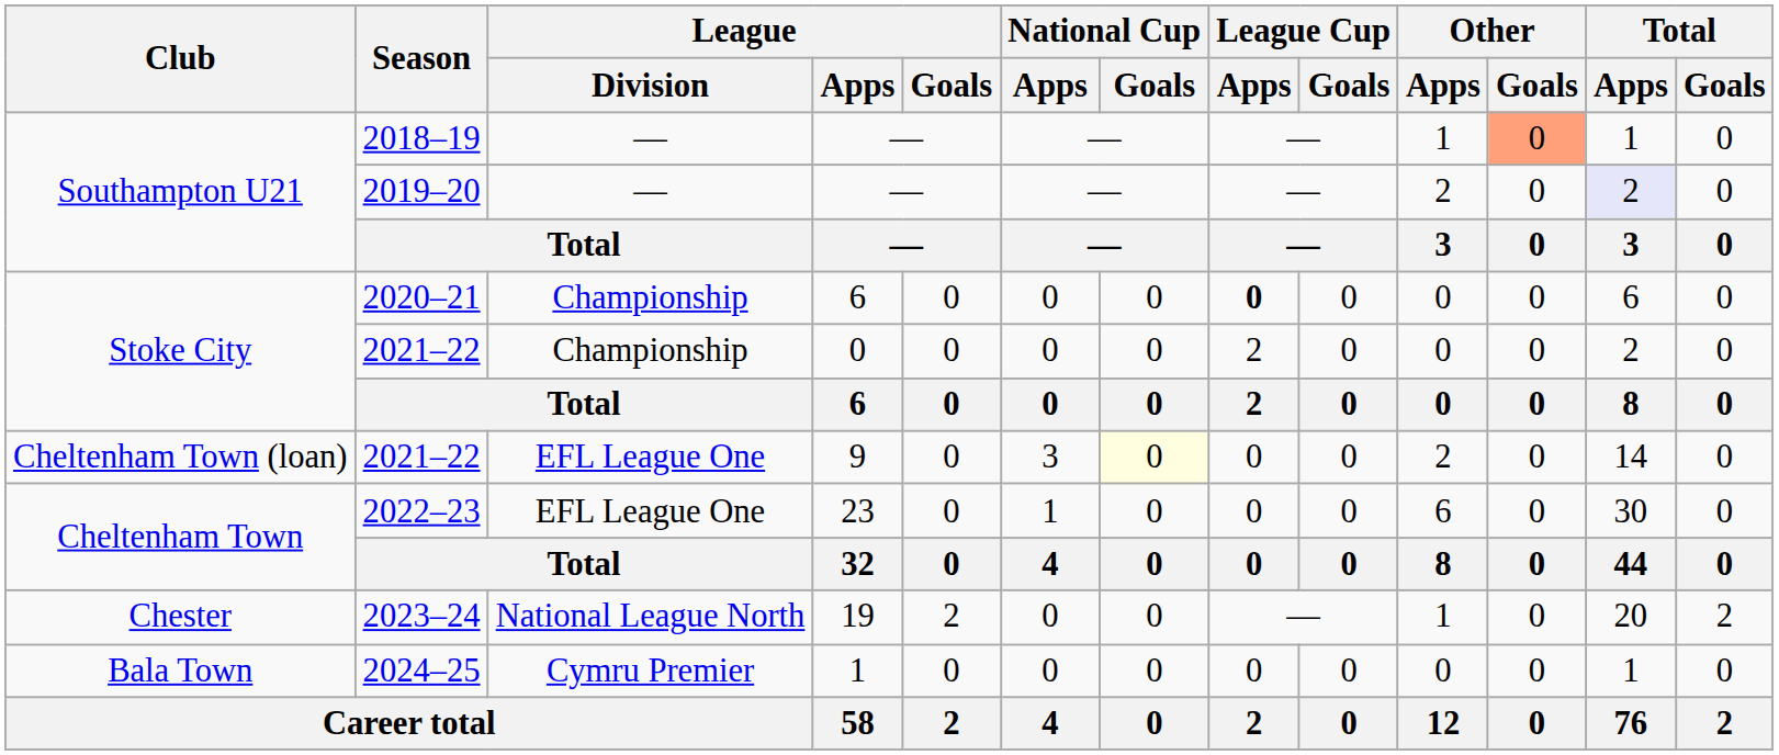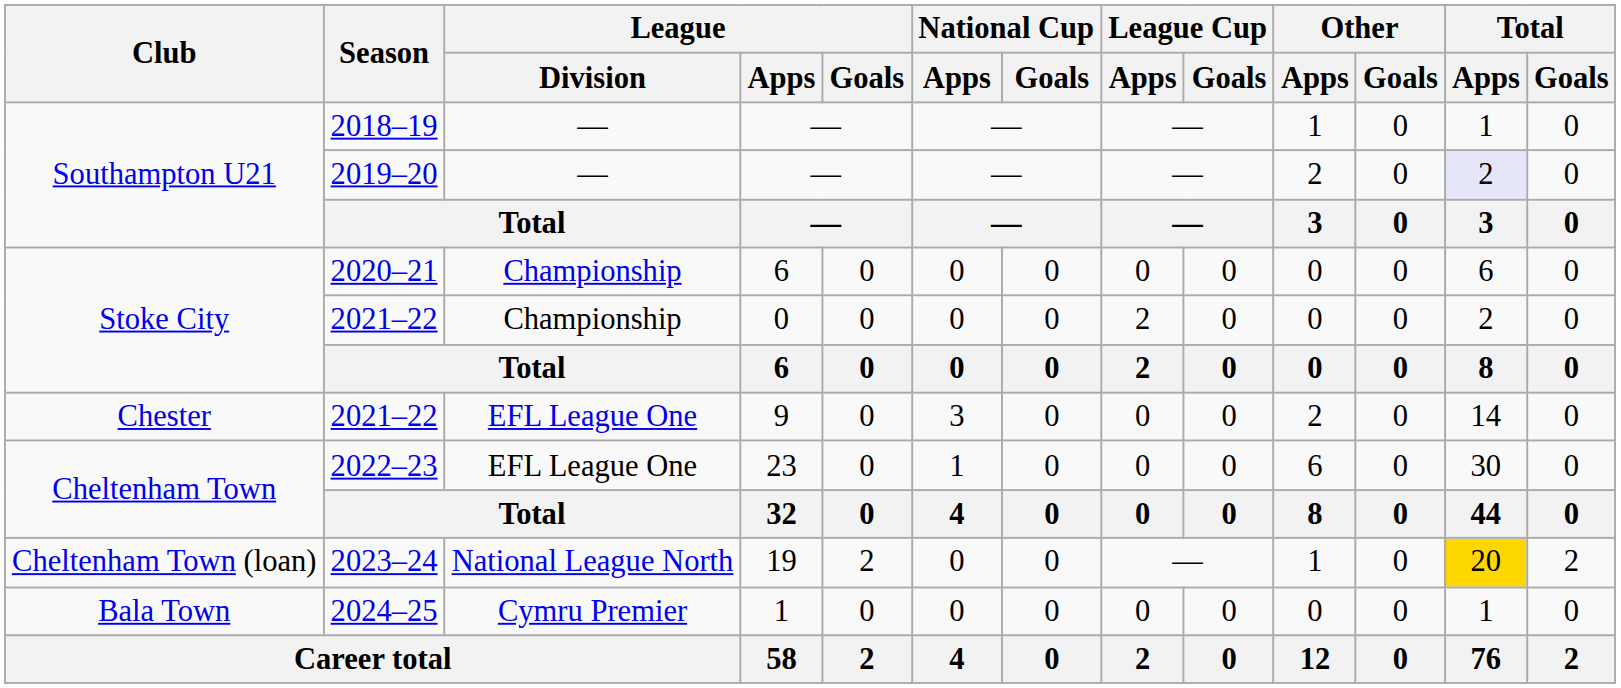 <table class="wikitable" style="text-align: center;">
 <tr>
 <th rowspan="2">Club</th>
 <th rowspan="2">Season</th>
 <th colspan="3">League</th>
 <th colspan="2">National Cup</th>
 <th colspan="2">League Cup</th>
 <th colspan="2">Other</th>
 <th colspan="2">Total</th>
 </tr>
 <tr>
 <th>Division</th>
 <th>Apps</th>
 <th>Goals</th>
 <th>Apps</th>
 <th>Goals</th>
 <th>Apps</th>
 <th>Goals</th>
 <th>Apps</th>
 <th>Goals</th>
 <th>Apps</th>
 <th>Goals</th>
 </tr>
 <tr>
 <td rowspan=3><a href='#'>Southampton U21</a></td>
 <td><a href='#'>2018–19</a></td>
 <td colspan=1>—</td>
 <td colspan=2>—</td>
 <td colspan=2>—</td>
 <td colspan=2>—</td>
 <td>1</td>
-<td style="background: lightsalmon;">0</td>
+<td>0</td>
 <td>1</td>
 <td>0</td>
 </tr>
 <tr>
 <td><a href='#'>2019–20</a></td>
 <td colspan=1>—</td>
 <td colspan=2>—</td>
 <td colspan=2>—</td>
 <td colspan=2>—</td>
 <td>2</td>
 <td>0</td>
 <td style="background: lavender;">2</td>
 <td>0</td>
 </tr>
 <tr>
 <th colspan=2>Total</th>
 <th colspan=2>—</th>
 <th colspan=2>—</th>
 <th colspan=2>—</th>
 <th>3</th>
 <th>0</th>
 <th>3</th>
 <th>0</th>
 </tr>
 <tr>
 <td rowspan=3><a href='#'>Stoke City</a></td>
 <td><a href='#'>2020–21</a></td>
 <td><a href='#'>Championship</a></td>
 <td>6</td>
 <td>0</td>
 <td>0</td>
 <td>0</td>
-<td><strong>0</strong></td>
+<td>0</td>
 <td>0</td>
 <td>0</td>
 <td>0</td>
 <td>6</td>
 <td>0</td>
 </tr>
 <tr>
 <td><a href='#'>2021–22</a></td>
 <td>Championship</td>
 <td>0</td>
 <td>0</td>
 <td>0</td>
 <td>0</td>
 <td>2</td>
 <td>0</td>
 <td>0</td>
 <td>0</td>
 <td>2</td>
 <td>0</td>
 </tr>
 <tr>
 <th colspan=2>Total</th>
 <th>6</th>
 <th>0</th>
 <th>0</th>
 <th>0</th>
 <th>2</th>
 <th>0</th>
 <th>0</th>
 <th>0</th>
 <th>8</th>
 <th>0</th>
 </tr>
 <tr>
-<td><a href='#'>Cheltenham Town</a> (loan)</td>
+<td><a href='#'>Chester</a></td>
 <td><a href='#'>2021–22</a></td>
 <td><a href='#'>EFL League One</a></td>
 <td>9</td>
 <td>0</td>
 <td>3</td>
-<td style="background: lightyellow;">0</td>
+<td>0</td>
 <td>0</td>
 <td>0</td>
 <td>2</td>
 <td>0</td>
 <td>14</td>
 <td>0</td>
 </tr>
 <tr>
 <td rowspan=2><a href='#'>Cheltenham Town</a></td>
 <td><a href='#'>2022–23</a></td>
 <td>EFL League One</td>
 <td>23</td>
 <td>0</td>
 <td>1</td>
 <td>0</td>
 <td>0</td>
 <td>0</td>
 <td>6</td>
 <td>0</td>
 <td>30</td>
 <td>0</td>
 </tr>
 <tr>
 <th colspan=2>Total</th>
 <th>32</th>
 <th>0</th>
 <th>4</th>
 <th>0</th>
 <th>0</th>
 <th>0</th>
 <th>8</th>
 <th>0</th>
 <th>44</th>
 <th>0</th>
 </tr>
 <tr>
-<td><a href='#'>Chester</a></td>
+<td><a href='#'>Cheltenham Town</a> (loan)</td>
 <td><a href='#'>2023–24</a></td>
 <td><a href='#'>National League North</a></td>
 <td>19</td>
 <td>2</td>
 <td>0</td>
 <td>0</td>
 <td colspan=2>—</td>
 <td>1</td>
 <td>0</td>
-<td>20</td>
+<td style="background: gold;">20</td>
 <td>2</td>
 </tr>
 <tr>
 <td><a href='#'>Bala Town</a></td>
 <td><a href='#'>2024–25</a></td>
 <td><a href='#'>Cymru Premier</a></td>
 <td>1</td>
 <td>0</td>
 <td>0</td>
 <td>0</td>
 <td>0</td>
 <td>0</td>
 <td>0</td>
 <td>0</td>
 <td>1</td>
 <td>0</td>
 </tr>
 <tr>
 <th colspan="3">Career total</th>
 <th>58</th>
 <th>2</th>
 <th>4</th>
 <th>0</th>
 <th>2</th>
 <th>0</th>
 <th>12</th>
 <th>0</th>
 <th>76</th>
 <th>2</th>
 </tr>
 </table>
